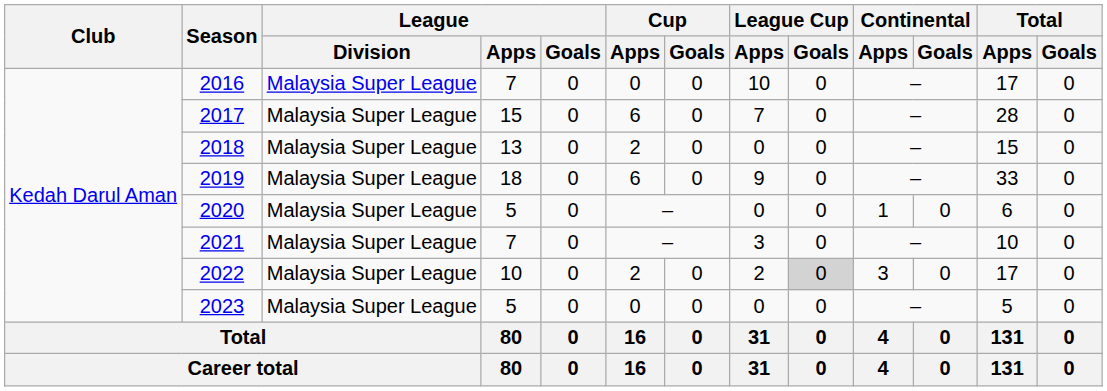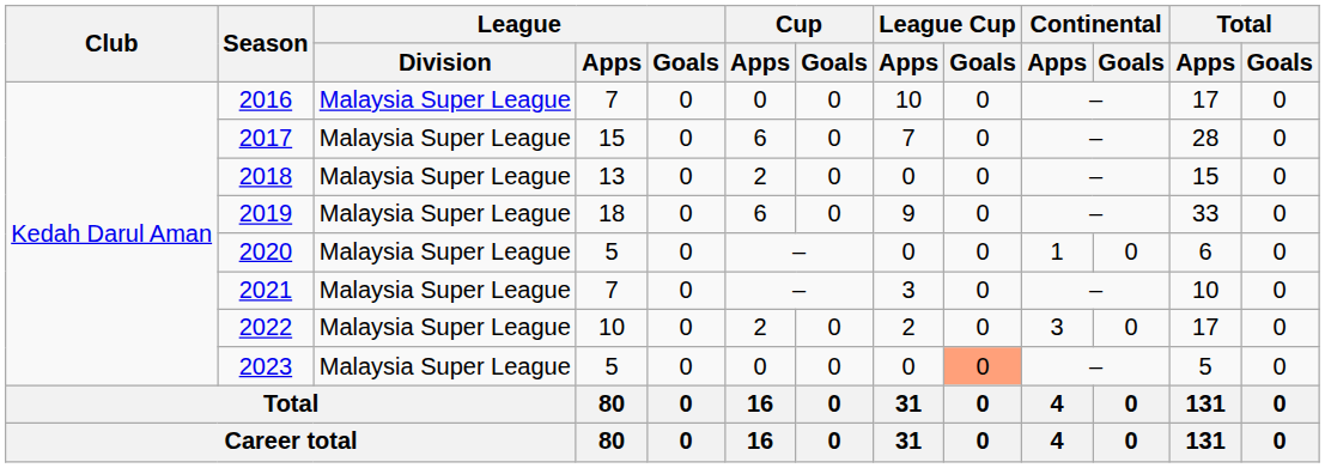 <table class=wikitable style="text-align:center">
 <tr>
 <th rowspan=2>Club</th>
 <th rowspan=2>Season</th>
 <th colspan=3>League</th>
 <th colspan=2>Cup</th>
 <th colspan=2>League Cup</th>
 <th colspan=2>Continental</th>
 <th colspan=2>Total</th>
 </tr>
 <tr>
 <th>Division</th>
 <th>Apps</th>
 <th>Goals</th>
 <th>Apps</th>
 <th>Goals</th>
 <th>Apps</th>
 <th>Goals</th>
 <th>Apps</th>
 <th>Goals</th>
 <th>Apps</th>
 <th>Goals</th>
 </tr>
 <tr>
 <td rowspan="8"><a href='#'>Kedah Darul Aman</a></td>
 <td><a href='#'>2016</a></td>
 <td><a href='#'>Malaysia Super League</a></td>
 <td>7</td>
 <td>0</td>
 <td>0</td>
 <td>0</td>
 <td>10</td>
 <td>0</td>
 <td colspan="2">–</td>
 <td>17</td>
 <td>0</td>
 </tr>
 <tr>
 <td><a href='#'>2017</a></td>
 <td>Malaysia Super League</td>
 <td>15</td>
 <td>0</td>
 <td>6</td>
 <td>0</td>
 <td>7</td>
 <td>0</td>
 <td colspan="2">–</td>
 <td>28</td>
 <td>0</td>
 </tr>
 <tr>
 <td><a href='#'>2018</a></td>
 <td>Malaysia Super League</td>
 <td>13</td>
 <td>0</td>
 <td>2</td>
 <td>0</td>
 <td>0</td>
 <td>0</td>
 <td colspan="2">–</td>
 <td>15</td>
 <td>0</td>
 </tr>
 <tr>
 <td><a href='#'>2019</a></td>
 <td>Malaysia Super League</td>
 <td>18</td>
 <td>0</td>
 <td>6</td>
 <td>0</td>
 <td>9</td>
 <td>0</td>
 <td colspan="2">–</td>
 <td>33</td>
 <td>0</td>
 </tr>
 <tr>
 <td><a href='#'>2020</a></td>
 <td>Malaysia Super League</td>
 <td>5</td>
 <td>0</td>
 <td colspan="2">–</td>
 <td>0</td>
 <td>0</td>
 <td>1</td>
 <td>0</td>
 <td>6</td>
 <td>0</td>
 </tr>
 <tr>
 <td><a href='#'>2021</a></td>
 <td>Malaysia Super League</td>
 <td>7</td>
 <td>0</td>
 <td colspan="2">–</td>
 <td>3</td>
 <td>0</td>
 <td colspan="2">–</td>
 <td>10</td>
 <td>0</td>
 </tr>
 <tr>
 <td><a href='#'>2022</a></td>
 <td>Malaysia Super League</td>
 <td>10</td>
 <td>0</td>
 <td>2</td>
 <td>0</td>
 <td>2</td>
-<td style="background: lightgrey;">0</td>
+<td>0</td>
 <td>3</td>
 <td>0</td>
 <td>17</td>
 <td>0</td>
 </tr>
 <tr>
 <td><a href='#'>2023</a></td>
 <td>Malaysia Super League</td>
 <td>5</td>
 <td>0</td>
 <td>0</td>
 <td>0</td>
 <td>0</td>
-<td>0</td>
+<td style="background: lightsalmon;">0</td>
 <td colspan="2">–</td>
 <td>5</td>
 <td>0</td>
 </tr>
 <tr>
 <th colspan=3>Total</th>
 <th>80</th>
 <th>0</th>
 <th>16</th>
 <th>0</th>
 <th>31</th>
 <th>0</th>
 <th>4</th>
 <th>0</th>
 <th>131</th>
 <th>0</th>
 </tr>
 <tr>
 <th colspan=3>Career total</th>
 <th>80</th>
 <th>0</th>
 <th>16</th>
 <th>0</th>
 <th>31</th>
 <th>0</th>
 <th>4</th>
 <th>0</th>
 <th>131</th>
 <th>0</th>
 </tr>
 </table>
